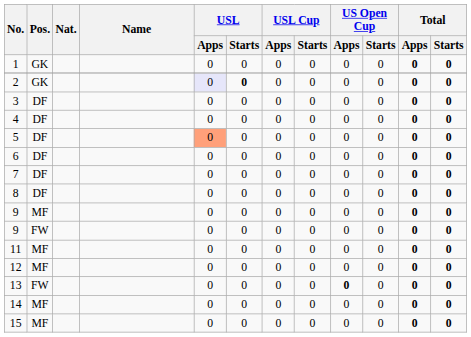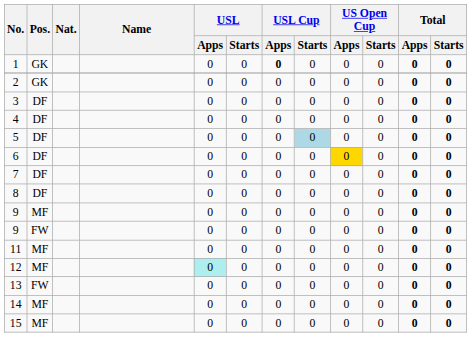 <table class="wikitable sortable" style="text-align:center">
 <tr>
 <th rowspan="2">No.</th>
 <th rowspan="2">Pos.</th>
 <th rowspan="2">Nat.</th>
 <th rowspan="2" style="width:150px;">Name</th>
 <th colspan="2" style="width:86px;"><a href='#'>USL</a></th>
 <th colspan="2" style="width:86px;"><a href='#'>USL Cup</a></th>
 <th colspan="2" style="width:86px;"><a href='#'>US Open Cup</a></th>
 <th colspan="2" style="width:86px;">Total</th>
 </tr>
 <tr>
 <th>Apps</th>
 <th>Starts</th>
 <th>Apps</th>
 <th>Starts</th>
 <th>Apps</th>
 <th>Starts</th>
 <th>Apps</th>
 <th>Starts</th>
 </tr>
 <tr>
 <td>1</td>
 <td>GK</td>
 <td></td>
 <td align=left></td>
 <td>0</td>
 <td>0</td>
-<td>0</td>
+<td><strong>0</strong></td>
 <td>0</td>
 <td>0</td>
 <td>0</td>
 <td><strong>0</strong></td>
 <td><strong>0</strong></td>
 </tr>
 <tr>
 </tr>
 <tr>
 <td>2</td>
 <td>GK</td>
 <td></td>
 <td align=left></td>
-<td style="background: lavender;">0</td>
-<td><strong>0</strong></td>
+<td>0</td>
+<td>0</td>
 <td>0</td>
 <td>0</td>
 <td>0</td>
 <td>0</td>
 <td><strong>0</strong></td>
 <td><strong>0</strong></td>
 </tr>
 <tr>
 <td>3</td>
 <td>DF</td>
 <td></td>
 <td align=left></td>
 <td>0</td>
 <td>0</td>
 <td>0</td>
 <td>0</td>
 <td>0</td>
 <td>0</td>
 <td><strong>0</strong></td>
 <td><strong>0</strong></td>
 </tr>
 <tr>
 <td>4</td>
 <td>DF</td>
 <td></td>
 <td align=left></td>
 <td>0</td>
 <td>0</td>
 <td>0</td>
 <td>0</td>
 <td>0</td>
 <td>0</td>
 <td><strong>0</strong></td>
 <td><strong>0</strong></td>
 </tr>
 <tr>
 <td>5</td>
 <td>DF</td>
 <td></td>
 <td align=left></td>
-<td style="background: lightsalmon;">0</td>
 <td>0</td>
 <td>0</td>
 <td>0</td>
+<td style="background: lightblue;">0</td>
 <td>0</td>
 <td>0</td>
 <td><strong>0</strong></td>
 <td><strong>0</strong></td>
 </tr>
 <tr>
 <td>6</td>
 <td>DF</td>
 <td></td>
 <td align=left></td>
 <td>0</td>
 <td>0</td>
 <td>0</td>
 <td>0</td>
-<td>0</td>
+<td style="background: gold;">0</td>
 <td>0</td>
 <td><strong>0</strong></td>
 <td><strong>0</strong></td>
 </tr>
 <tr>
 <td>7</td>
 <td>DF</td>
 <td></td>
 <td align=left></td>
 <td>0</td>
 <td>0</td>
 <td>0</td>
 <td>0</td>
 <td>0</td>
 <td>0</td>
 <td><strong>0</strong></td>
 <td><strong>0</strong></td>
 </tr>
 <tr>
 <td>8</td>
 <td>DF</td>
 <td></td>
 <td align=left></td>
 <td>0</td>
 <td>0</td>
 <td>0</td>
 <td>0</td>
 <td>0</td>
 <td>0</td>
 <td><strong>0</strong></td>
 <td><strong>0</strong></td>
 </tr>
 <tr>
 <td>9</td>
 <td>MF</td>
 <td></td>
 <td align=left></td>
 <td>0</td>
 <td>0</td>
 <td>0</td>
 <td>0</td>
 <td>0</td>
 <td>0</td>
 <td><strong>0</strong></td>
 <td><strong>0</strong></td>
 </tr>
 <tr>
 <td>9</td>
 <td>FW</td>
 <td></td>
 <td align=left></td>
 <td>0</td>
 <td>0</td>
 <td>0</td>
 <td>0</td>
 <td>0</td>
 <td>0</td>
 <td><strong>0</strong></td>
 <td><strong>0</strong></td>
 </tr>
 <tr>
 <td>11</td>
 <td>MF</td>
 <td></td>
 <td align=left></td>
 <td>0</td>
 <td>0</td>
 <td>0</td>
 <td>0</td>
 <td>0</td>
 <td>0</td>
 <td><strong>0</strong></td>
 <td><strong>0</strong></td>
 </tr>
 <tr>
 <td>12</td>
 <td>MF</td>
 <td></td>
 <td align=left></td>
-<td>0</td>
+<td style="background: paleturquoise;">0</td>
 <td>0</td>
 <td>0</td>
 <td>0</td>
 <td>0</td>
 <td>0</td>
 <td><strong>0</strong></td>
 <td><strong>0</strong></td>
 </tr>
 <tr>
 <td>13</td>
 <td>FW</td>
 <td></td>
 <td align=left></td>
 <td>0</td>
 <td>0</td>
 <td>0</td>
 <td>0</td>
-<td><strong>0</strong></td>
+<td>0</td>
 <td>0</td>
 <td><strong>0</strong></td>
 <td><strong>0</strong></td>
 </tr>
 <tr>
 <td>14</td>
 <td>MF</td>
 <td></td>
 <td align=left></td>
 <td>0</td>
 <td>0</td>
 <td>0</td>
 <td>0</td>
 <td>0</td>
 <td>0</td>
 <td><strong>0</strong></td>
 <td><strong>0</strong></td>
 </tr>
 <tr>
 <td>15</td>
 <td>MF</td>
 <td></td>
 <td align=left></td>
 <td>0</td>
 <td>0</td>
 <td>0</td>
 <td>0</td>
 <td>0</td>
 <td>0</td>
 <td><strong>0</strong></td>
 <td><strong>0</strong><br></td>
 </tr>
 </table>
